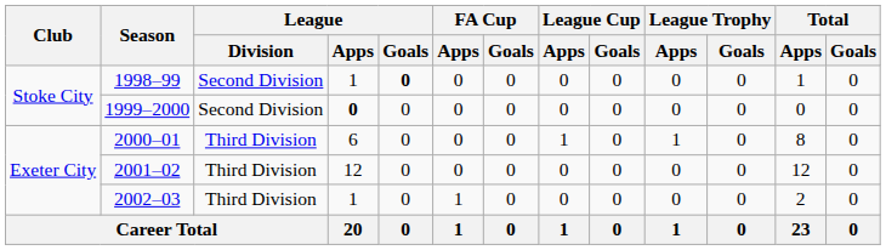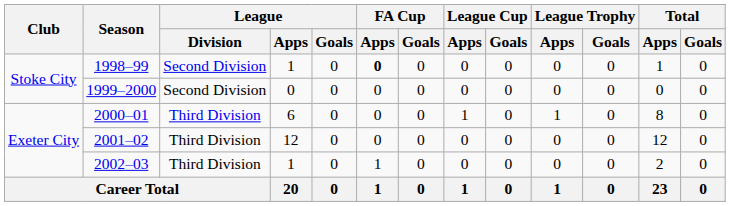 <table class="wikitable" style="text-align: center;">
 <tr>
 <th rowspan="2">Club</th>
 <th rowspan="2">Season</th>
 <th colspan="3">League</th>
 <th colspan="2">FA Cup</th>
 <th colspan="2">League Cup</th>
 <th colspan="2">League Trophy</th>
 <th colspan="2">Total</th>
 </tr>
 <tr>
 <th>Division</th>
 <th>Apps</th>
 <th>Goals</th>
 <th>Apps</th>
 <th>Goals</th>
 <th>Apps</th>
 <th>Goals</th>
 <th>Apps</th>
 <th>Goals</th>
 <th>Apps</th>
 <th>Goals</th>
 </tr>
 <tr>
 <td rowspan="2"><a href='#'>Stoke City</a></td>
 <td><a href='#'>1998–99</a></td>
 <td><a href='#'>Second Division</a></td>
 <td>1</td>
+<td>0</td>
 <td><strong>0</strong></td>
-<td>0</td>
 <td>0</td>
 <td>0</td>
 <td>0</td>
 <td>0</td>
 <td>0</td>
 <td>1</td>
 <td>0</td>
 </tr>
 <tr>
 <td><a href='#'>1999–2000</a></td>
 <td>Second Division</td>
-<td><strong>0</strong></td>
+<td>0</td>
 <td>0</td>
 <td>0</td>
 <td>0</td>
 <td>0</td>
 <td>0</td>
 <td>0</td>
 <td>0</td>
 <td>0</td>
 <td>0</td>
 </tr>
 <tr>
 <td rowspan="3"><a href='#'>Exeter City</a></td>
 <td><a href='#'>2000–01</a></td>
 <td><a href='#'>Third Division</a></td>
 <td>6</td>
 <td>0</td>
 <td>0</td>
 <td>0</td>
 <td>1</td>
 <td>0</td>
 <td>1</td>
 <td>0</td>
 <td>8</td>
 <td>0</td>
 </tr>
 <tr>
 <td><a href='#'>2001–02</a></td>
 <td>Third Division</td>
 <td>12</td>
 <td>0</td>
 <td>0</td>
 <td>0</td>
 <td>0</td>
 <td>0</td>
 <td>0</td>
 <td>0</td>
 <td>12</td>
 <td>0</td>
 </tr>
 <tr>
 <td><a href='#'>2002–03</a></td>
 <td>Third Division</td>
 <td>1</td>
 <td>0</td>
 <td>1</td>
 <td>0</td>
 <td>0</td>
 <td>0</td>
 <td>0</td>
 <td>0</td>
 <td>2</td>
 <td>0</td>
 </tr>
 <tr>
 <th colspan="3">Career Total</th>
 <th>20</th>
 <th>0</th>
 <th>1</th>
 <th>0</th>
 <th>1</th>
 <th>0</th>
 <th>1</th>
 <th>0</th>
 <th>23</th>
 <th>0</th>
 </tr>
 </table>
